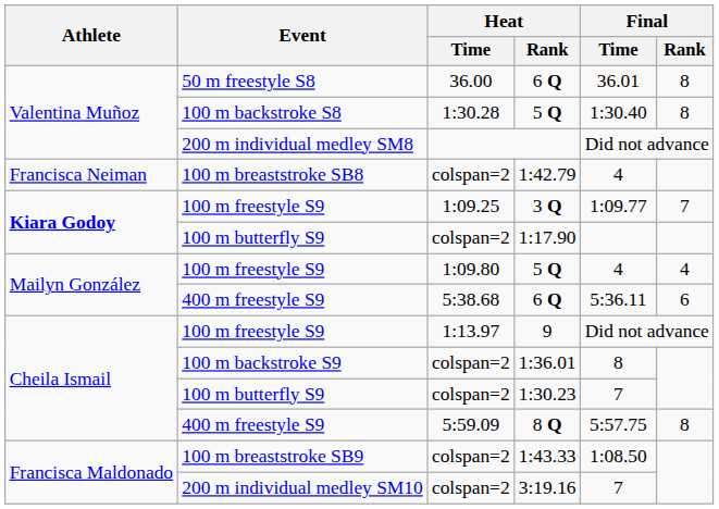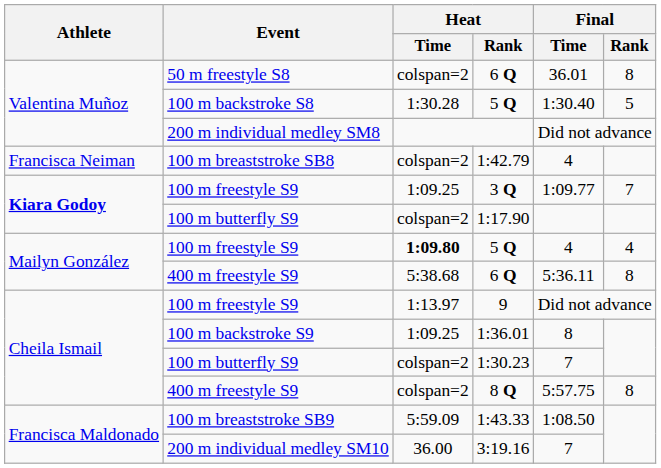 <table class=wikitable style=font-size:90%;text-align:center>
 <tr>
 <th rowspan=2>Athlete</th>
 <th rowspan=2>Event</th>
 <th colspan=2>Heat</th>
 <th colspan=2>Final</th>
 </tr>
 <tr style=font-size:95%>
 <th>Time</th>
 <th>Rank</th>
 <th>Time</th>
 <th>Rank</th>
 </tr>
 <tr align=center>
 <td align=left rowspan=3><a href='#'>Valentina Muñoz</a></td>
 <td align=left><a href='#'>50 m freestyle S8</a></td>
-<td>36.00</td>
+<td>colspan=2 </td>
 <td>6 <strong>Q</strong></td>
 <td>36.01</td>
 <td>8</td>
 </tr>
 <tr align=center>
 <td align=left><a href='#'>100 m backstroke S8</a></td>
 <td>1:30.28</td>
 <td>5 <strong>Q</strong></td>
 <td>1:30.40</td>
-<td>8</td>
+<td>5</td>
 </tr>
 <tr align=center>
 <td align=left><a href='#'>200 m individual medley SM8</a></td>
 <td colspan=2></td>
 <td colspan=2>Did not advance</td>
 </tr>
 <tr align=center>
 <td align=left><a href='#'>Francisca Neiman</a></td>
 <td align=left><a href='#'>100 m breaststroke SB8</a></td>
 <td>colspan=2 </td>
 <td>1:42.79</td>
 <td>4</td>
 </tr>
 <tr align=center>
 <td align=left rowspan=2><strong><a href='#'>Kiara Godoy</a></strong></td>
 <td align=left><a href='#'>100 m freestyle S9</a></td>
 <td>1:09.25</td>
 <td>3 <strong>Q</strong></td>
 <td>1:09.77</td>
 <td>7</td>
 </tr>
 <tr align=center>
 <td align=left><a href='#'>100 m butterfly S9</a></td>
 <td>colspan=2 </td>
 <td>1:17.90</td>
 <td></td>
 </tr>
 <tr align=center>
 <td align=left rowspan=2><a href='#'>Mailyn González</a></td>
 <td align=left><a href='#'>100 m freestyle S9</a></td>
-<td>1:09.80</td>
+<td><strong>1:09.80</strong></td>
 <td>5 <strong>Q</strong></td>
 <td>4</td>
 <td>4</td>
 </tr>
 <tr align=center>
 <td align=left><a href='#'>400 m freestyle S9</a></td>
 <td>5:38.68</td>
 <td>6 <strong>Q</strong></td>
 <td>5:36.11</td>
-<td>6</td>
+<td>8</td>
 </tr>
 <tr align=center>
 <td align=left rowspan=4><a href='#'>Cheila Ismail</a></td>
 <td align=left><a href='#'>100 m freestyle S9</a></td>
 <td>1:13.97</td>
 <td>9</td>
 <td colspan=2>Did not advance</td>
 </tr>
 <tr align=center>
 <td align=left><a href='#'>100 m backstroke S9</a></td>
-<td>colspan=2 </td>
+<td>1:09.25</td>
 <td>1:36.01</td>
 <td>8</td>
 </tr>
 <tr align=center>
 <td align=left><a href='#'>100 m butterfly S9</a></td>
 <td>colspan=2 </td>
 <td>1:30.23</td>
 <td>7</td>
 </tr>
 <tr align=center>
 <td align=left><a href='#'>400 m freestyle S9</a></td>
-<td>5:59.09</td>
+<td>colspan=2 </td>
 <td>8 <strong>Q</strong></td>
 <td>5:57.75</td>
 <td>8</td>
 </tr>
 <tr align=center>
 <td align=left rowspan=2><a href='#'>Francisca Maldonado</a></td>
 <td align=left><a href='#'>100 m breaststroke SB9</a></td>
-<td>colspan=2 </td>
+<td>5:59.09</td>
 <td>1:43.33</td>
 <td>1:08.50</td>
 </tr>
 <tr align=center>
 <td align=left><a href='#'>200 m individual medley SM10</a></td>
-<td>colspan=2 </td>
+<td>36.00</td>
 <td>3:19.16</td>
 <td>7</td>
 </tr>
 </table>
